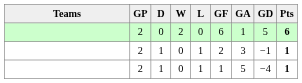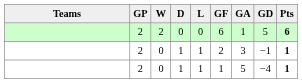 <table style=border-collapse:collapse border=1 cellspacing=0 cellpadding=5>
 <tr align=center bgcolor=#efefef>
 <th width=185>Teams</th>
 <th width=20>GP</th>
+<th width=20>W</th>
 <th width=20>D</th>
-<th width=20>W</th>
 <th width=20>L</th>
 <th width=20>GF</th>
 <th width=20>GA</th>
 <th width=20>GD</th>
 <th width=20>Pts</th>
 </tr>
 <tr align=center style="background:#ccffcc;">
 <td style="text-align:left;"></td>
 <td>2</td>
+<td>2</td>
 <td>0</td>
-<td>2</td>
 <td>0</td>
 <td>6</td>
 <td>1</td>
 <td>5</td>
 <td><strong>6</strong></td>
 </tr>
 <tr align=center>
 <td style="text-align:left;"></td>
 <td>2</td>
+<td>0</td>
 <td>1</td>
-<td>0</td>
 <td>1</td>
 <td>2</td>
 <td>3</td>
 <td>−1</td>
 <td><strong>1</strong></td>
 </tr>
 <tr align=center>
 <td style="text-align:left;"></td>
 <td>2</td>
+<td>0</td>
 <td>1</td>
-<td>0</td>
 <td>1</td>
 <td>1</td>
 <td>5</td>
 <td>−4</td>
 <td><strong>1</strong></td>
 </tr>
 </table>
